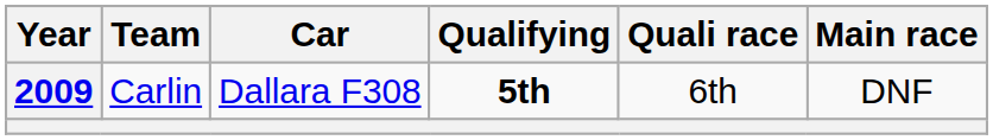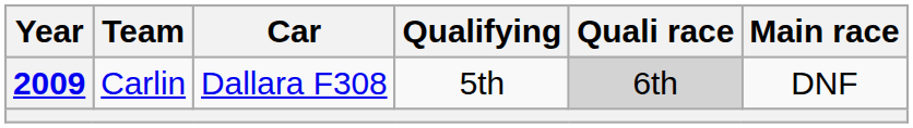 <table class="wikitable" style="text-align:center; font-size:90%">
 <tr>
 <th>Year</th>
 <th>Team</th>
 <th>Car</th>
 <th>Qualifying</th>
 <th>Quali race</th>
 <th>Main race</th>
 </tr>
 <tr>
 <th><a href='#'>2009</a></th>
 <td align="left" nowrap> <a href='#'>Carlin</a></td>
 <td align="left" nowrap><a href='#'>Dallara F308</a></td>
-<td><strong>5th</strong></td>
-<td>6th</td>
+<td>5th</td>
+<td style="background: lightgrey;">6th</td>
 <td>DNF</td>
 </tr>
 <tr>
 <th colspan="6"></th>
 </tr>
 </table>
